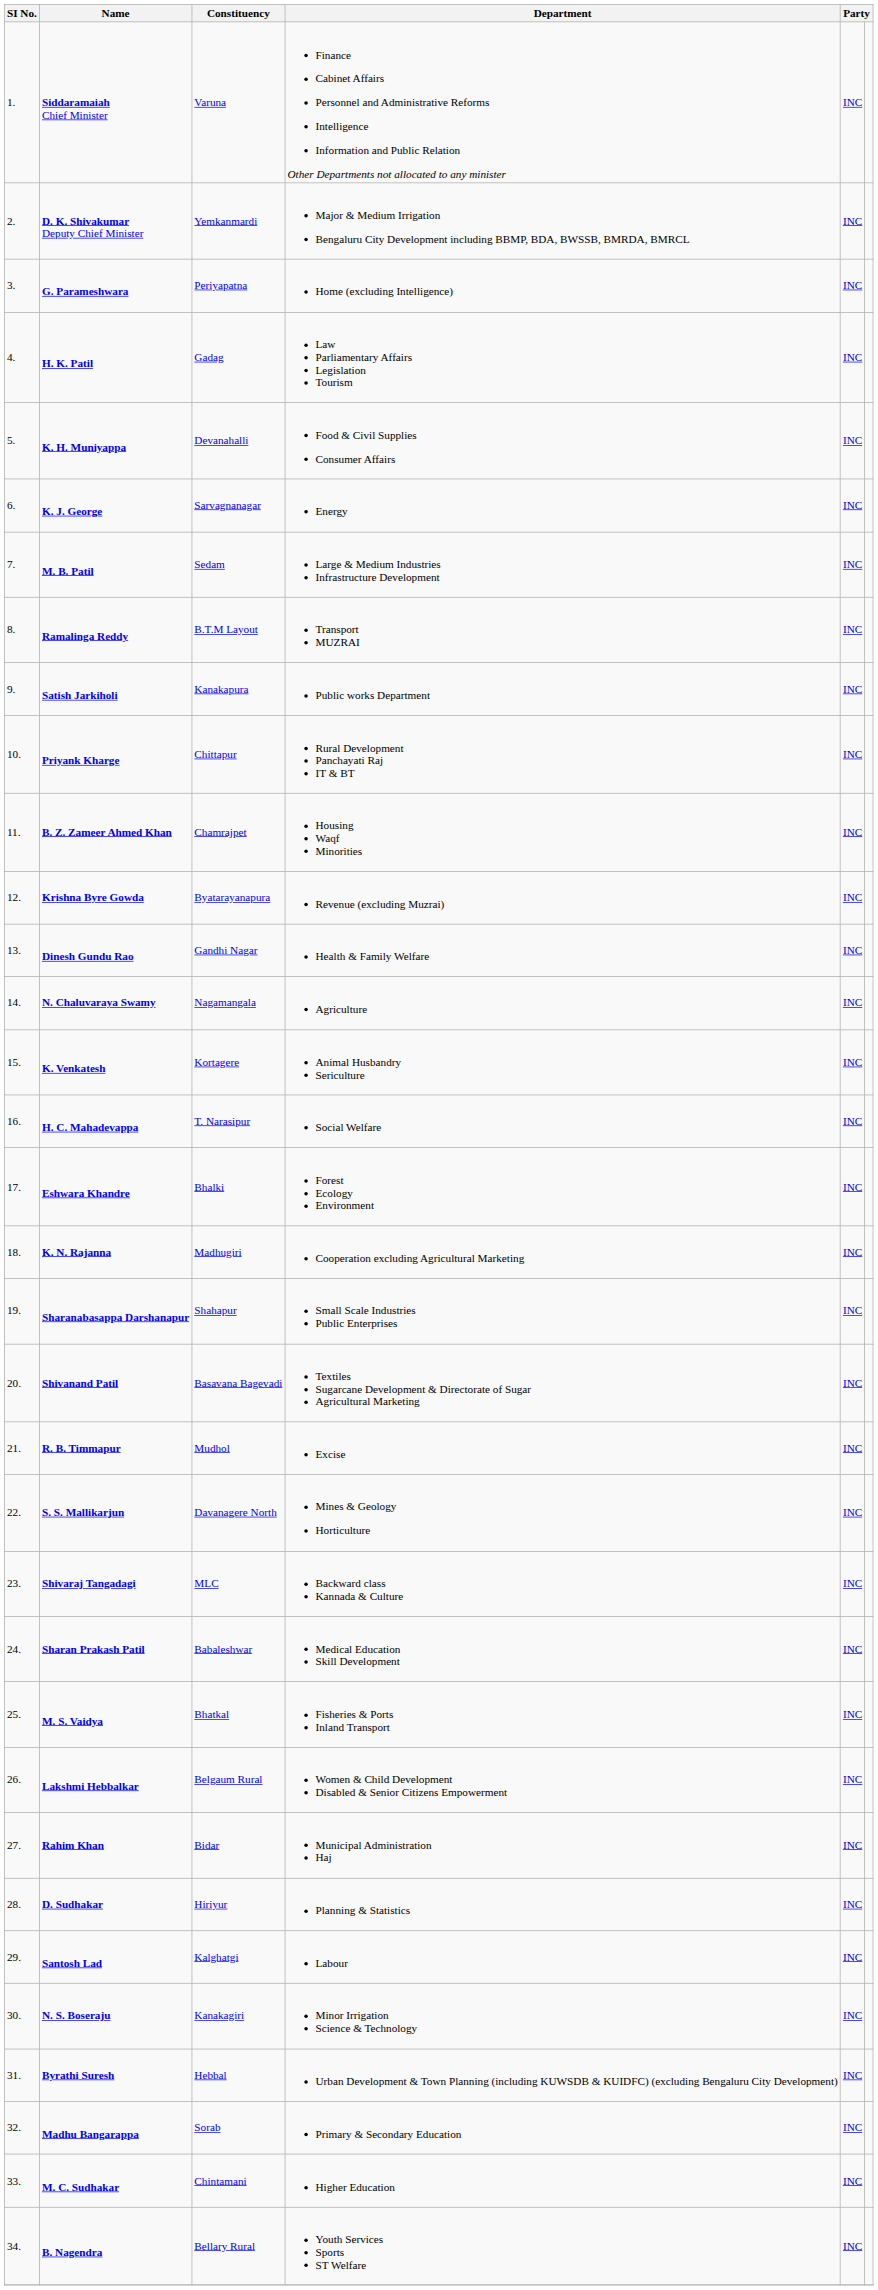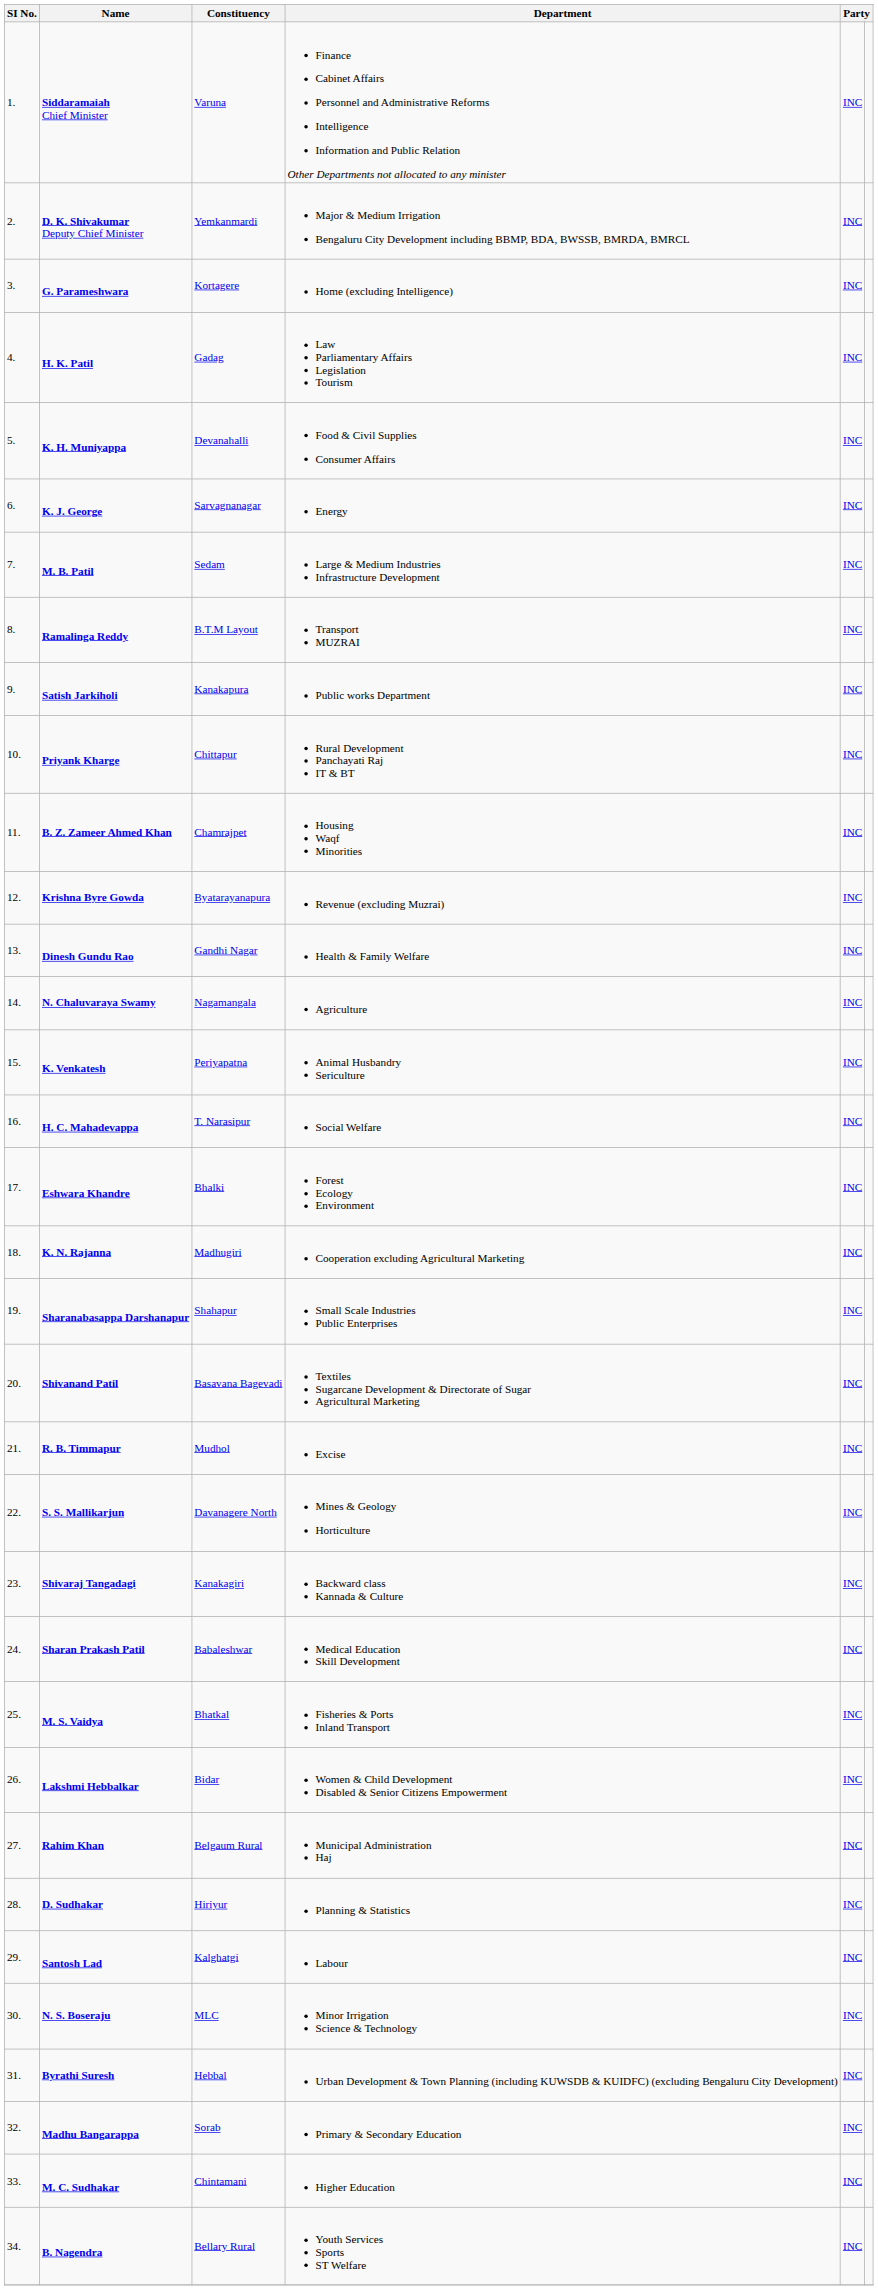 <table class="wikitable">
 <tr>
 <th>SI No.</th>
 <th>Name</th>
 <th>Constituency</th>
 <th>Department</th>
 <th colspan="2" scope="col">Party</th>
 </tr>
 <tr>
 <td>1.</td>
 <td> <br> <strong><a href='#'>Siddaramaiah</a></strong><br><a href='#'>Chief Minister</a></td>
 <td><a href='#'>Varuna</a></td>
 <td><br><ul><li>Finance</li></ul><ul><li>Cabinet Affairs</li></ul><ul><li>Personnel and Administrative Reforms</li></ul><ul><li>Intelligence</li></ul><ul><li>Information and Public Relation</li></ul><em>Other Departments not allocated to any minister</em></td>
 <td><a href='#'>INC</a></td>
 <td width="4px" style="background-color: "></td>
 </tr>
 <tr>
 <td>2.</td>
 <td><br> <strong><a href='#'>D. K. Shivakumar</a></strong><br><a href='#'>Deputy Chief Minister</a></td>
 <td><a href='#'>Yemkanmardi</a></td>
 <td><br><ul><li>Major & Medium Irrigation</li></ul><ul><li>Bengaluru City Development including BBMP, BDA, BWSSB, BMRDA, BMRCL</li></ul></td>
 <td><a href='#'>INC</a></td>
 <td width="4px" style="background-color: "></td>
 </tr>
 <tr>
 <td>3.</td>
 <td>  <br> <strong><a href='#'>G. Parameshwara</a></strong></td>
-<td><a href='#'>Periyapatna</a></td>
+<td><a href='#'>Kortagere</a></td>
 <td><br><ul><li>Home (excluding Intelligence)</li></ul></td>
 <td><a href='#'>INC</a></td>
 <td width="4px" style="background-color: "></td>
 </tr>
 <tr>
 <td>4.</td>
 <td><br><strong><a href='#'>H. K. Patil</a></strong></td>
 <td><a href='#'>Gadag</a></td>
 <td><br><ul><li>Law</li><li>Parliamentary Affairs</li><li>Legislation</li><li>Tourism</li></ul></td>
 <td><a href='#'>INC</a></td>
 <td width="4px" style="background-color: "></td>
 </tr>
 <tr>
 <td>5.</td>
 <td>  <br><strong><a href='#'>K. H. Muniyappa</a></strong></td>
 <td><a href='#'>Devanahalli</a></td>
 <td><br><ul><li>Food & Civil Supplies</li></ul><ul><li>Consumer Affairs</li></ul></td>
 <td><a href='#'>INC</a></td>
 <td width="4px" style="background-color: "></td>
 </tr>
 <tr>
 <td>6.</td>
 <td>  <br><strong><a href='#'>K. J. George</a></strong></td>
 <td><a href='#'>Sarvagnanagar</a></td>
 <td><br><ul><li>Energy</li></ul></td>
 <td><a href='#'>INC</a></td>
 <td width="4px" style="background-color: "></td>
 </tr>
 <tr>
 <td>7.</td>
 <td><br> <strong><a href='#'>M. B. Patil</a></strong></td>
 <td><a href='#'>Sedam</a></td>
 <td><br><ul><li>Large & Medium Industries</li><li>Infrastructure Development</li></ul></td>
 <td><a href='#'>INC</a></td>
 <td width="4px" style="background-color: "></td>
 </tr>
 <tr>
 <td>8.</td>
 <td> <br><strong><a href='#'>Ramalinga Reddy</a></strong></td>
 <td><a href='#'>B.T.M Layout</a></td>
 <td><br><ul><li>Transport</li><li>MUZRAI</li></ul></td>
 <td><a href='#'>INC</a></td>
 <td width="4px" style="background-color: "></td>
 </tr>
 <tr>
 <td>9.</td>
 <td>  <br><strong><a href='#'>Satish Jarkiholi</a></strong></td>
 <td><a href='#'>Kanakapura</a></td>
 <td><br><ul><li>Public works Department</li></ul></td>
 <td><a href='#'>INC</a></td>
 <td width="4px" style="background-color: "></td>
 </tr>
 <tr>
 <td>10.</td>
 <td><br><strong><a href='#'>Priyank Kharge</a></strong></td>
 <td><a href='#'>Chittapur</a></td>
 <td><br><ul><li>Rural Development</li><li>Panchayati Raj</li><li>IT & BT</li></ul></td>
 <td><a href='#'>INC</a></td>
 <td width="4px" style="background-color: "></td>
 </tr>
 <tr>
 <td>11.</td>
 <td><strong><a href='#'>B. Z. Zameer Ahmed Khan</a></strong></td>
 <td><a href='#'>Chamrajpet</a></td>
 <td><br><ul><li>Housing</li><li>Waqf</li><li>Minorities</li></ul></td>
 <td><a href='#'>INC</a></td>
 <td width="4px" style="background-color: "></td>
 </tr>
 <tr>
 <td>12.</td>
 <td><strong><a href='#'>Krishna Byre Gowda</a></strong></td>
 <td><a href='#'>Byatarayanapura</a></td>
 <td><br><ul><li>Revenue (excluding Muzrai)</li></ul></td>
 <td><a href='#'>INC</a></td>
 <td width="4px" style="background-color: "></td>
 </tr>
 <tr>
 <td>13.</td>
 <td><br><strong><a href='#'>Dinesh Gundu Rao</a></strong></td>
 <td><a href='#'>Gandhi Nagar</a></td>
 <td><br><ul><li>Health & Family Welfare</li></ul></td>
 <td><a href='#'>INC</a></td>
 <td width="4px" style="background-color: "></td>
 </tr>
 <tr>
 <td>14.</td>
 <td><strong><a href='#'>N. Chaluvaraya Swamy</a></strong></td>
 <td><a href='#'>Nagamangala</a></td>
 <td><br><ul><li>Agriculture</li></ul></td>
 <td><a href='#'>INC</a></td>
 <td width="4px" style="background-color: "></td>
 </tr>
 <tr>
 <td>15.</td>
 <td><br><strong><a href='#'>K. Venkatesh</a></strong></td>
-<td><a href='#'>Kortagere</a></td>
+<td><a href='#'>Periyapatna</a></td>
 <td><br><ul><li>Animal Husbandry</li><li>Sericulture</li></ul></td>
 <td><a href='#'>INC</a></td>
 <td width="4px" style="background-color: "></td>
 </tr>
 <tr>
 <td>16.</td>
 <td><br><strong><a href='#'>H. C. Mahadevappa</a></strong></td>
 <td><a href='#'>T. Narasipur</a></td>
 <td><br><ul><li>Social Welfare</li></ul></td>
 <td><a href='#'>INC</a></td>
 <td width="4px" style="background-color: "></td>
 </tr>
 <tr>
 <td>17.</td>
 <td><br><strong><a href='#'>Eshwara Khandre</a></strong></td>
 <td><a href='#'>Bhalki</a></td>
 <td><br><ul><li>Forest</li><li>Ecology</li><li>Environment</li></ul></td>
 <td><a href='#'>INC</a></td>
 <td width="4px" style="background-color: "></td>
 </tr>
 <tr>
 <td>18.</td>
 <td><strong><a href='#'>K. N. Rajanna</a></strong></td>
 <td><a href='#'>Madhugiri</a></td>
 <td><br><ul><li>Cooperation excluding Agricultural Marketing</li></ul></td>
 <td><a href='#'>INC</a></td>
 <td width="4px" style="background-color: "></td>
 </tr>
 <tr>
 <td>19.</td>
 <td><br><strong><a href='#'>Sharanabasappa Darshanapur</a></strong></td>
 <td><a href='#'>Shahapur</a></td>
 <td><br><ul><li>Small Scale Industries</li><li>Public Enterprises</li></ul></td>
 <td><a href='#'>INC</a></td>
 <td width="4px" style="background-color: "></td>
 </tr>
 <tr>
 <td>20.</td>
 <td><strong><a href='#'>Shivanand Patil</a></strong></td>
 <td><a href='#'>Basavana Bagevadi</a></td>
 <td><br><ul><li>Textiles</li><li>Sugarcane Development & Directorate of Sugar</li><li>Agricultural Marketing</li></ul></td>
 <td><a href='#'>INC</a></td>
 <td width="4px" style="background-color: "></td>
 </tr>
 <tr>
 <td>21.</td>
 <td><strong><a href='#'>R. B. Timmapur</a></strong></td>
 <td><a href='#'>Mudhol</a></td>
 <td><br><ul><li>Excise</li></ul></td>
 <td><a href='#'>INC</a></td>
 <td width="4px" style="background-color: "></td>
 </tr>
 <tr>
 <td>22.</td>
 <td><strong><a href='#'>S. S. Mallikarjun</a></strong></td>
 <td><a href='#'>Davanagere North</a></td>
 <td><br><ul><li>Mines & Geology</li></ul><ul><li>Horticulture</li></ul></td>
 <td><a href='#'>INC</a></td>
 <td width="4px" style="background-color: "></td>
 </tr>
 <tr>
 <td>23.</td>
 <td><strong><a href='#'>Shivaraj Tangadagi</a></strong></td>
-<td><a href='#'>MLC</a></td>
+<td><a href='#'>Kanakagiri</a></td>
 <td><br><ul><li>Backward class</li><li>Kannada & Culture</li></ul></td>
 <td><a href='#'>INC</a></td>
 <td width="4px" style="background-color: "></td>
 </tr>
 <tr>
 <td>24.</td>
 <td><strong><a href='#'>Sharan Prakash Patil</a></strong></td>
 <td><a href='#'>Babaleshwar</a></td>
 <td><br><ul><li>Medical Education</li><li>Skill Development</li></ul></td>
 <td><a href='#'>INC</a></td>
 <td width="4px" style="background-color: "></td>
 </tr>
 <tr>
 <td>25.</td>
 <td><br><strong><a href='#'>M. S. Vaidya</a></strong></td>
 <td><a href='#'>Bhatkal</a></td>
 <td><br><ul><li>Fisheries & Ports</li><li>Inland Transport</li></ul></td>
 <td><a href='#'>INC</a></td>
 <td width="4px" style="background-color: "></td>
 </tr>
 <tr>
 <td>26.</td>
 <td><br><strong><a href='#'>Lakshmi Hebbalkar</a></strong></td>
-<td><a href='#'>Belgaum Rural</a></td>
+<td><a href='#'>Bidar</a></td>
 <td><br><ul><li>Women & Child Development</li><li>Disabled & Senior Citizens Empowerment</li></ul></td>
 <td><a href='#'>INC</a></td>
 <td width="4px" style="background-color: "></td>
 </tr>
 <tr>
 <td>27.</td>
 <td><strong><a href='#'>Rahim Khan</a></strong></td>
-<td><a href='#'>Bidar</a></td>
+<td><a href='#'>Belgaum Rural</a></td>
 <td><br><ul><li>Municipal Administration</li><li>Haj</li></ul></td>
 <td><a href='#'>INC</a></td>
 <td width="4px" style="background-color: "></td>
 </tr>
 <tr>
 <td>28.</td>
 <td><strong><a href='#'>D. Sudhakar</a></strong></td>
 <td><a href='#'>Hiriyur</a></td>
 <td><br><ul><li>Planning & Statistics</li></ul></td>
 <td><a href='#'>INC</a></td>
 <td width="4px" style="background-color: "></td>
 </tr>
 <tr>
 <td>29.</td>
 <td><br><strong><a href='#'>Santosh Lad</a></strong></td>
 <td><a href='#'>Kalghatgi</a></td>
 <td><br><ul><li>Labour</li></ul></td>
 <td><a href='#'>INC</a></td>
 <td width="4px" style="background-color: "></td>
 </tr>
 <tr>
 <td>30.</td>
 <td><strong><a href='#'>N. S. Boseraju</a></strong></td>
-<td><a href='#'>Kanakagiri</a></td>
+<td><a href='#'>MLC</a></td>
 <td><br><ul><li>Minor Irrigation</li><li>Science & Technology</li></ul></td>
 <td><a href='#'>INC</a></td>
 <td width="4px" style="background-color: "></td>
 </tr>
 <tr>
 <td>31.</td>
 <td><strong><a href='#'>Byrathi Suresh</a></strong></td>
 <td><a href='#'>Hebbal</a></td>
 <td><br><ul><li>Urban Development & Town Planning (including KUWSDB & KUIDFC) (excluding Bengaluru City Development)</li></ul></td>
 <td><a href='#'>INC</a></td>
 <td width="4px" style="background-color: "></td>
 </tr>
 <tr>
 <td>32.</td>
 <td><br><strong><a href='#'>Madhu Bangarappa</a></strong></td>
 <td><a href='#'>Sorab</a></td>
 <td><br><ul><li>Primary & Secondary Education</li></ul></td>
 <td><a href='#'>INC</a></td>
 <td width="4px" style="background-color: "></td>
 </tr>
 <tr>
 <td>33.</td>
 <td><br><strong><a href='#'>M. C. Sudhakar</a></strong></td>
 <td><a href='#'>Chintamani</a></td>
 <td><br><ul><li>Higher Education</li></ul></td>
 <td><a href='#'>INC</a></td>
 <td width="4px" style="background-color: "></td>
 </tr>
 <tr>
 <td>34.</td>
 <td><br><strong><a href='#'>B. Nagendra</a></strong></td>
 <td><a href='#'>Bellary Rural</a></td>
 <td><br><ul><li>Youth Services</li><li>Sports</li><li>ST Welfare</li></ul></td>
 <td><a href='#'>INC</a></td>
 <td width="4px" style="background-color: "></td>
 </tr>
 <tr>
 </tr>
 </table>
